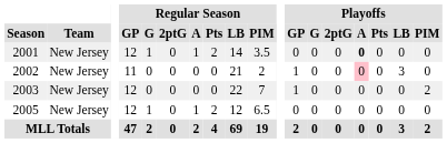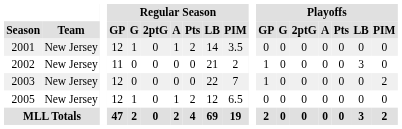 <table BORDER="0" CELLPADDING="3" CELLSPACING="0">
 <tr ALIGN="center" bgcolor="#e0e0e0">
 <th colspan="2" bgcolor="#ffffff"> </th>
 <th rowspan="99" bgcolor="#ffffff"> </th>
 <th colspan="7">Regular Season</th>
 <th rowspan="99" bgcolor="#ffffff"> </th>
 <th colspan="7">Playoffs</th>
 </tr>
 <tr ALIGN="center" bgcolor="#e0e0e0">
 <th>Season</th>
 <th>Team</th>
 <th>GP</th>
 <th>G</th>
 <th>2ptG</th>
 <th>A</th>
 <th>Pts</th>
 <th>LB</th>
 <th>PIM</th>
 <th>GP</th>
 <th>G</th>
 <th>2ptG</th>
 <th>A</th>
 <th>Pts</th>
 <th>LB</th>
 <th>PIM</th>
 </tr>
 <tr ALIGN="center" bgcolor="#f0f0f0">
 <td>2001</td>
 <td>New Jersey</td>
 <td>12</td>
 <td>1</td>
 <td>0</td>
 <td>1</td>
 <td>2</td>
 <td>14</td>
 <td>3.5</td>
 <td>0</td>
 <td>0</td>
 <td>0</td>
-<td><strong>0</strong></td>
+<td>0</td>
 <td>0</td>
 <td>0</td>
 <td>0</td>
 </tr>
 <tr ALIGN="center">
 <td>2002</td>
 <td>New Jersey</td>
 <td>11</td>
 <td>0</td>
 <td>0</td>
 <td>0</td>
 <td>0</td>
 <td>21</td>
 <td>2</td>
 <td>1</td>
 <td>0</td>
 <td>0</td>
-<td style="background: pink;">0</td>
+<td>0</td>
 <td>0</td>
 <td>3</td>
 <td>0</td>
 </tr>
 <tr ALIGN="center" bgcolor="#f0f0f0">
 <td>2003</td>
 <td>New Jersey</td>
 <td>12</td>
 <td>0</td>
 <td>0</td>
 <td>0</td>
 <td>0</td>
 <td>22</td>
 <td>7</td>
 <td>1</td>
 <td>0</td>
 <td>0</td>
 <td>0</td>
 <td>0</td>
 <td>0</td>
 <td>2</td>
 </tr>
 <tr ALIGN="center">
 <td>2005</td>
 <td>New Jersey</td>
 <td>12</td>
 <td>1</td>
 <td>0</td>
 <td>1</td>
 <td>2</td>
 <td>12</td>
 <td>6.5</td>
 <td>0</td>
 <td>0</td>
 <td>0</td>
 <td>0</td>
 <td>0</td>
 <td>0</td>
 <td>0</td>
 </tr>
 <tr ALIGN="center" bgcolor="#e0e0e0">
 <th colspan="2">MLL Totals</th>
 <th>47</th>
 <th>2</th>
 <th>0</th>
 <th>2</th>
 <th>4</th>
 <th>69</th>
 <th>19</th>
 <th>2</th>
 <th>0</th>
 <th>0</th>
 <th>0</th>
 <th>0</th>
 <th>3</th>
 <th>2</th>
 </tr>
 </table>
